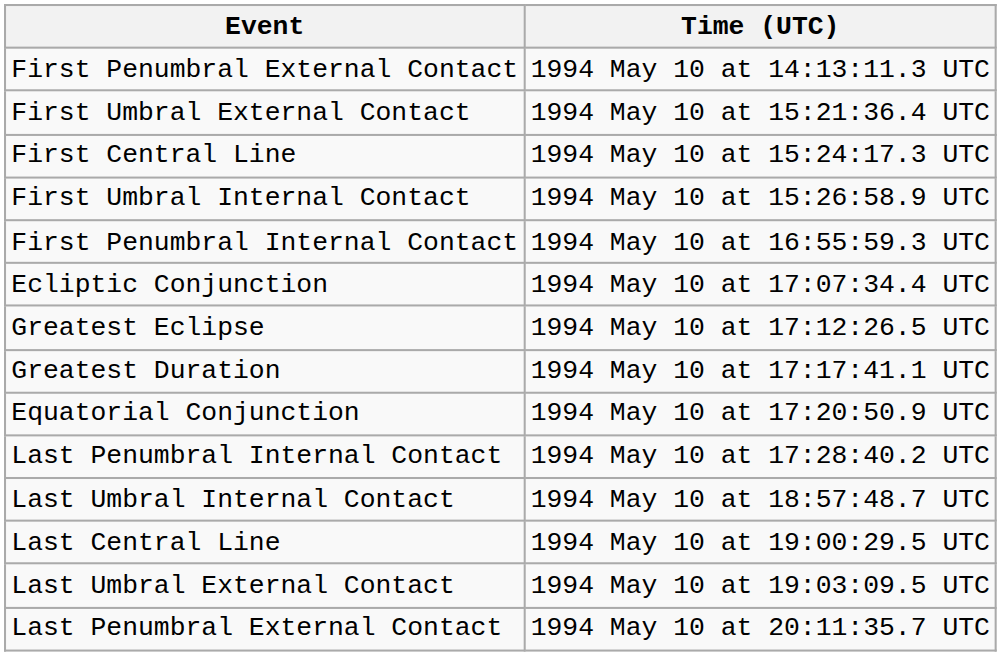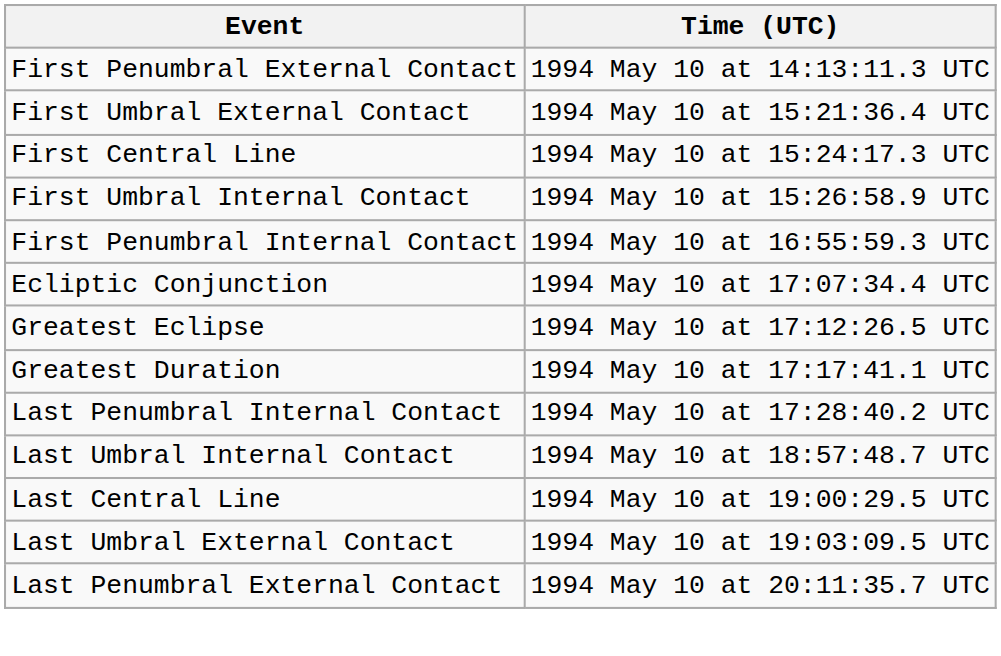 <table class="wikitable">
 <tr>
 <th>Event</th>
 <th>Time (UTC)</th>
 </tr>
 <tr>
 <td>First Penumbral External Contact</td>
 <td>1994 May 10 at 14:13:11.3 UTC</td>
 </tr>
 <tr>
 <td>First Umbral External Contact</td>
 <td>1994 May 10 at 15:21:36.4 UTC</td>
 </tr>
 <tr>
 <td>First Central Line</td>
 <td>1994 May 10 at 15:24:17.3 UTC</td>
 </tr>
 <tr>
 <td>First Umbral Internal Contact</td>
 <td>1994 May 10 at 15:26:58.9 UTC</td>
 </tr>
 <tr>
 <td>First Penumbral Internal Contact</td>
 <td>1994 May 10 at 16:55:59.3 UTC</td>
 </tr>
 <tr>
 <td>Ecliptic Conjunction</td>
 <td>1994 May 10 at 17:07:34.4 UTC</td>
 </tr>
 <tr>
 <td>Greatest Eclipse</td>
 <td>1994 May 10 at 17:12:26.5 UTC</td>
 </tr>
 <tr>
 <td>Greatest Duration</td>
 <td>1994 May 10 at 17:17:41.1 UTC</td>
 </tr>
 <tr>
-<td>Equatorial Conjunction</td>
-<td>1994 May 10 at 17:20:50.9 UTC</td>
-</tr>
-<tr>
 <td>Last Penumbral Internal Contact</td>
 <td>1994 May 10 at 17:28:40.2 UTC</td>
 </tr>
 <tr>
 <td>Last Umbral Internal Contact</td>
 <td>1994 May 10 at 18:57:48.7 UTC</td>
 </tr>
 <tr>
 <td>Last Central Line</td>
 <td>1994 May 10 at 19:00:29.5 UTC</td>
 </tr>
 <tr>
 <td>Last Umbral External Contact</td>
 <td>1994 May 10 at 19:03:09.5 UTC</td>
 </tr>
 <tr>
 <td>Last Penumbral External Contact</td>
 <td>1994 May 10 at 20:11:35.7 UTC</td>
 </tr>
 </table>
